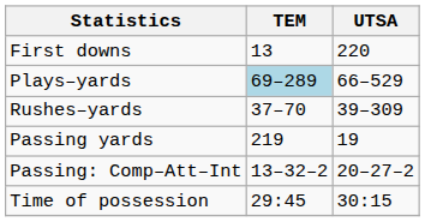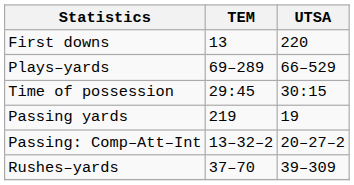 <table class="wikitable" style="float: left;">
 <tr>
 <th>Statistics</th>
 <th>TEM</th>
 <th>UTSA</th>
 </tr>
 <tr>
 <td>First downs</td>
 <td>13</td>
 <td>220</td>
 </tr>
 <tr>
 <td>Plays–yards</td>
-<td style="background: lightblue;">69–289</td>
+<td>69–289</td>
 <td>66–529</td>
 </tr>
 <tr>
-<td>Rushes–yards</td>
-<td>37–70</td>
-<td>39–309</td>
+<td>Time of possession</td>
+<td>29:45</td>
+<td>30:15</td>
 </tr>
 <tr>
 <td>Passing yards</td>
 <td>219</td>
 <td>19</td>
 </tr>
 <tr>
 <td>Passing: Comp–Att–Int</td>
 <td>13–32–2</td>
 <td>20–27–2</td>
 </tr>
 <tr>
-<td>Time of possession</td>
-<td>29:45</td>
-<td>30:15</td>
+<td>Rushes–yards</td>
+<td>37–70</td>
+<td>39–309</td>
 </tr>
 <tr>
 </tr>
 </table>
